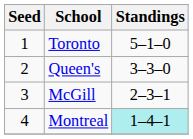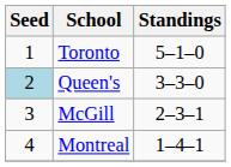 <table class="wikitable">
 <tr>
 <th>Seed</th>
 <th>School</th>
 <th>Standings</th>
 </tr>
 <tr>
 <td align=center>1</td>
 <td><a href='#'>Toronto</a></td>
 <td align=center>5–1–0</td>
 </tr>
 <tr>
-<td align=center>2</td>
+<td align=center style="background: lightblue;">2</td>
 <td><a href='#'>Queen's</a></td>
 <td align=center>3–3–0</td>
 </tr>
 <tr>
 <td align=center>3</td>
 <td><a href='#'>McGill</a></td>
 <td align=center>2–3–1</td>
 </tr>
 <tr>
 <td align=center>4</td>
 <td><a href='#'>Montreal</a></td>
-<td align=center style="background: paleturquoise;">1–4–1</td>
+<td align=center>1–4–1</td>
 </tr>
 <tr>
 </tr>
 </table>
